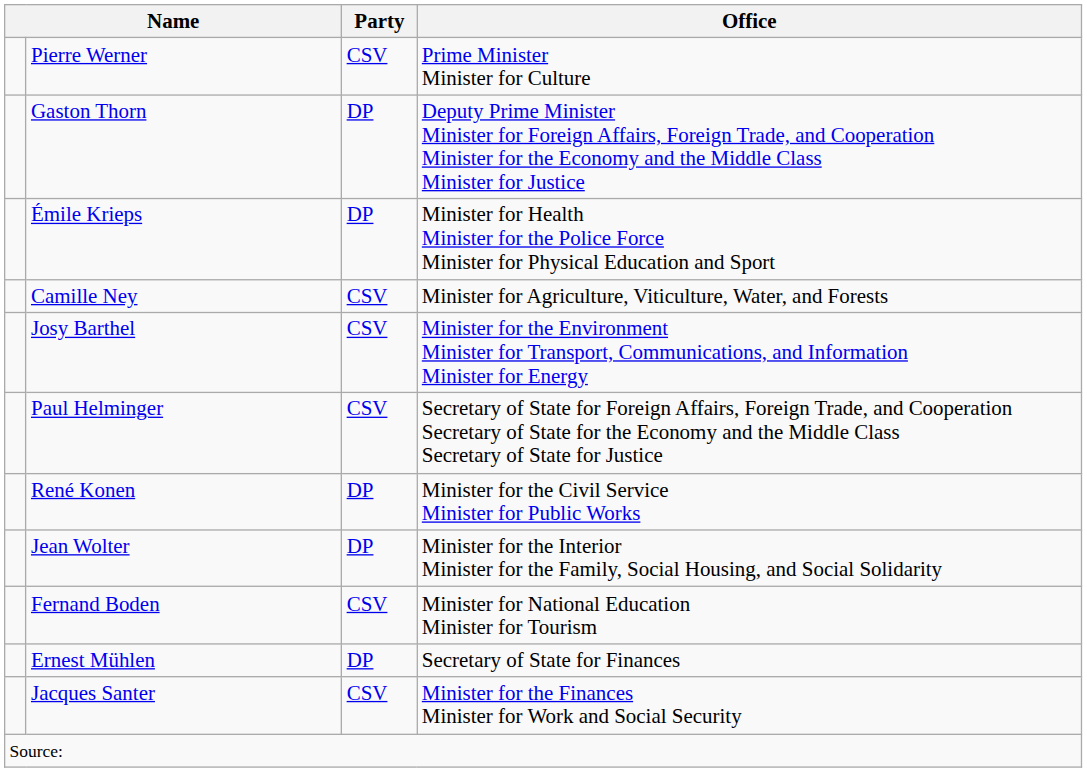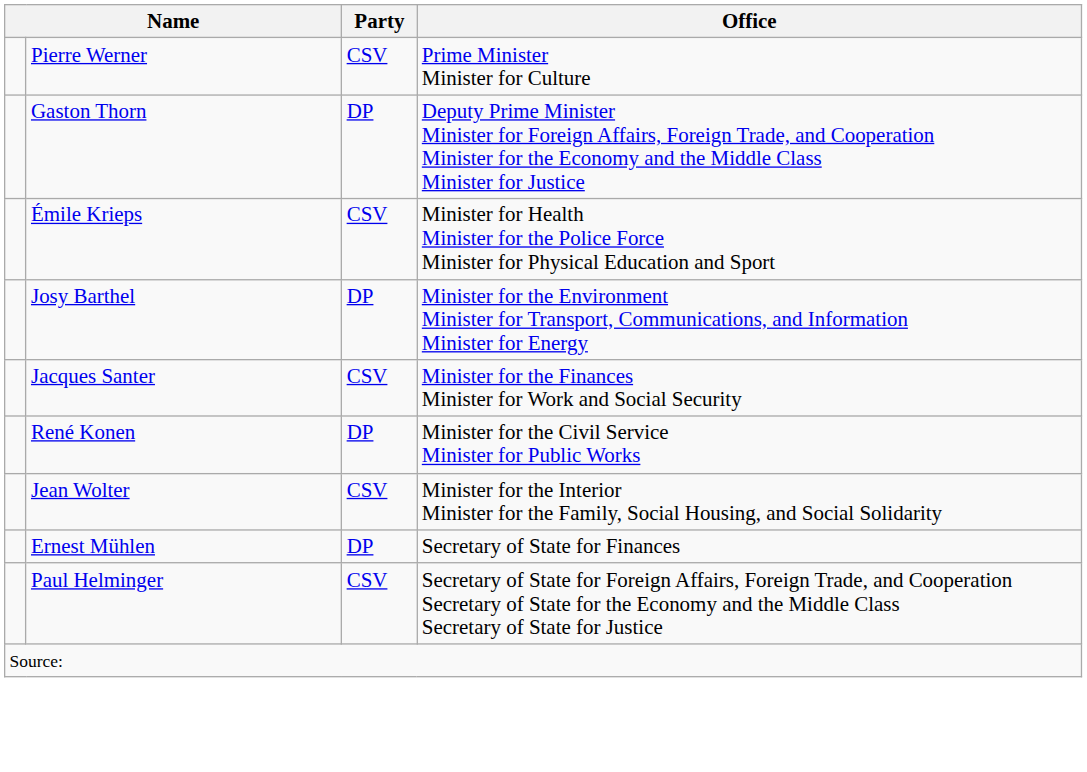 <table class="wikitable">
 <tr>
 <th colspan=2 width=250px>Name</th>
 <th width=50px>Party</th>
 <th width=500px>Office</th>
 </tr>
 <tr>
 <td style="background-color: "></td>
 <td valign=top><a href='#'>Pierre Werner</a></td>
 <td valign=top><a href='#'>CSV</a></td>
 <td><a href='#'>Prime Minister</a> <br> Minister for Culture</td>
 </tr>
 <tr>
 <td style="background-color: "></td>
 <td valign=top><a href='#'>Gaston Thorn</a></td>
 <td valign=top><a href='#'>DP</a></td>
 <td><a href='#'>Deputy Prime Minister</a> <br> <a href='#'>Minister for Foreign Affairs, Foreign Trade, and Cooperation</a> <br> <a href='#'>Minister for the Economy and the Middle Class</a> <br> <a href='#'>Minister for Justice</a></td>
 </tr>
 <tr>
 <td style="background-color: "></td>
 <td valign=top><a href='#'>Émile Krieps</a></td>
-<td valign=top><a href='#'>DP</a></td>
+<td valign=top><a href='#'>CSV</a></td>
 <td>Minister for Health <br> <a href='#'>Minister for the Police Force</a> <br> Minister for Physical Education and Sport</td>
 </tr>
 <tr>
 <td style="background-color: "></td>
-<td valign=top><a href='#'>Camille Ney</a></td>
-<td valign=top><a href='#'>CSV</a></td>
-<td>Minister for Agriculture, Viticulture, Water, and Forests</td>
-</tr>
-<tr>
-<td style="background-color: "></td>
 <td valign=top><a href='#'>Josy Barthel</a></td>
-<td valign=top><a href='#'>CSV</a></td>
+<td valign=top><a href='#'>DP</a></td>
 <td><a href='#'>Minister for the Environment</a> <br> <a href='#'>Minister for Transport, Communications, and Information</a> <br> <a href='#'>Minister for Energy</a></td>
 </tr>
 <tr>
 <td style="background-color: "></td>
-<td valign=top><a href='#'>Paul Helminger</a></td>
+<td valign=top><a href='#'>Jacques Santer</a></td>
 <td valign=top><a href='#'>CSV</a></td>
-<td>Secretary of State for Foreign Affairs, Foreign Trade, and Cooperation <br> Secretary of State for the Economy and the Middle Class <br> Secretary of State for Justice</td>
+<td><a href='#'>Minister for the Finances</a> <br> Minister for Work and Social Security</td>
 </tr>
 <tr>
 <td style="background-color: "></td>
 <td valign=top><a href='#'>René Konen</a></td>
 <td valign=top><a href='#'>DP</a></td>
 <td>Minister for the Civil Service <br> <a href='#'>Minister for Public Works</a></td>
 </tr>
 <tr>
 <td style="background-color: "></td>
 <td valign=top><a href='#'>Jean Wolter</a></td>
-<td valign=top><a href='#'>DP</a></td>
+<td valign=top><a href='#'>CSV</a></td>
 <td>Minister for the Interior <br> Minister for the Family, Social Housing, and Social Solidarity</td>
-</tr>
-<tr>
-<td style="background-color: "></td>
-<td valign=top><a href='#'>Fernand Boden</a></td>
-<td valign=top><a href='#'>CSV</a></td>
-<td>Minister for National Education <br> Minister for Tourism</td>
 </tr>
 <tr>
 <td style="background-color: "></td>
 <td valign=top><a href='#'>Ernest Mühlen</a></td>
 <td valign=top><a href='#'>DP</a></td>
 <td>Secretary of State for Finances</td>
 </tr>
 <tr>
 <td style="background-color: "></td>
-<td valign=top><a href='#'>Jacques Santer</a></td>
+<td valign=top><a href='#'>Paul Helminger</a></td>
 <td valign=top><a href='#'>CSV</a></td>
-<td><a href='#'>Minister for the Finances</a> <br> Minister for Work and Social Security</td>
+<td>Secretary of State for Foreign Affairs, Foreign Trade, and Cooperation <br> Secretary of State for the Economy and the Middle Class <br> Secretary of State for Justice</td>
 </tr>
 <tr>
 <td colspan=4><small>Source: </small></td>
 </tr>
 </table>
